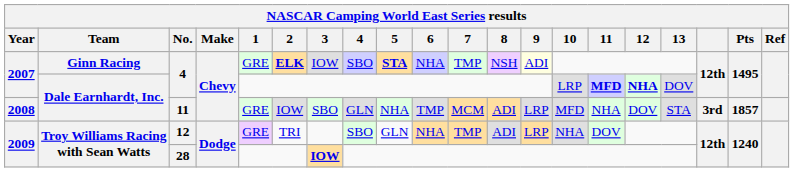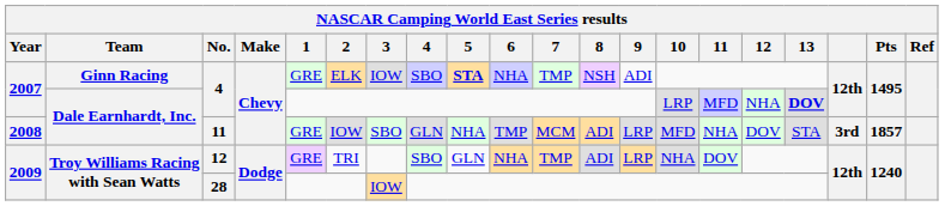 <table class="wikitable" style="text-align:center; font-size:75%">
 <tr>
 <th colspan=20><a href='#'>NASCAR Camping World East Series</a> results</th>
 </tr>
 <tr>
 <th>Year</th>
 <th>Team</th>
 <th>No.</th>
 <th>Make</th>
 <th>1</th>
 <th>2</th>
 <th>3</th>
 <th>4</th>
 <th>5</th>
 <th>6</th>
 <th>7</th>
 <th>8</th>
 <th>9</th>
 <th>10</th>
 <th>11</th>
 <th>12</th>
 <th>13</th>
 <th></th>
 <th>Pts</th>
 <th>Ref</th>
 </tr>
 <tr>
 <th rowspan=2><a href='#'>2007</a></th>
 <th><a href='#'>Ginn Racing</a></th>
 <th rowspan=2>4</th>
 <th rowspan=3><a href='#'>Chevy</a></th>
 <td style="background:#DFFFDF;"><a href='#'>GRE</a><br></td>
-<td style="background:#FFDF9F;"><strong><a href='#'>ELK</a><br></strong></td>
+<td style="background:#FFDF9F;"><a href='#'>ELK</a><br></td>
 <td style="background:#DFDFDF;"><a href='#'>IOW</a><br></td>
 <td style="background:#CFCFFF;"><a href='#'>SBO</a><br></td>
 <td style="background:#FFDF9F;"><strong><a href='#'>STA</a><br></strong></td>
 <td style="background:#CFCFFF;"><a href='#'>NHA</a><br></td>
 <td style="background:#DFFFDF;"><a href='#'>TMP</a><br></td>
 <td style="background:#EFCFFF;"><a href='#'>NSH</a><br></td>
-<td style="background: lightyellow;"><a href='#'>ADI</a></td>
+<td><a href='#'>ADI</a></td>
 <td colspan=4></td>
 <th rowspan=2>12th</th>
 <th rowspan=2>1495</th>
 <th rowspan=2></th>
 </tr>
 <tr>
 <th rowspan=2><a href='#'>Dale Earnhardt, Inc.</a></th>
 <td colspan=9></td>
 <td style="background:#DFDFDF;"><a href='#'>LRP</a><br></td>
-<td style="background:#CFCFFF;"><strong><a href='#'>MFD</a><br></strong></td>
-<td style="background:#DFFFDF;"><strong><a href='#'>NHA</a><br></strong></td>
-<td style="background:#DFDFDF;"><a href='#'>DOV</a><br></td>
+<td style="background:#CFCFFF;"><a href='#'>MFD</a><br></td>
+<td style="background:#DFFFDF;"><a href='#'>NHA</a><br></td>
+<td style="background:#DFDFDF;"><strong><a href='#'>DOV</a><br></strong></td>
 </tr>
 <tr>
 <th><a href='#'>2008</a></th>
 <th>11</th>
 <td style="background:#DFFFDF;"><a href='#'>GRE</a><br></td>
 <td style="background:#DFDFDF;"><a href='#'>IOW</a><br></td>
 <td style="background:#DFFFDF;"><a href='#'>SBO</a><br></td>
 <td style="background:#DFDFDF;"><a href='#'>GLN</a><br></td>
 <td style="background:#DFFFDF;"><a href='#'>NHA</a><br></td>
 <td style="background:#DFDFDF;"><a href='#'>TMP</a><br></td>
 <td style="background:#FFDF9F;"><a href='#'>MCM</a><br></td>
 <td style="background:#FFDF9F;"><a href='#'>ADI</a><br></td>
 <td style="background:#DFDFDF;"><a href='#'>LRP</a><br></td>
 <td style="background:#DFDFDF;"><a href='#'>MFD</a><br></td>
 <td style="background:#DFFFDF;"><a href='#'>NHA</a><br></td>
 <td style="background:#DFFFDF;"><a href='#'>DOV</a><br></td>
 <td style="background:#DFDFDF;"><a href='#'>STA</a><br></td>
 <th>3rd</th>
 <th>1857</th>
 <th></th>
 </tr>
 <tr>
 <th rowspan=2><a href='#'>2009</a></th>
 <th rowspan=2><a href='#'>Troy Williams Racing</a> <br> with Sean Watts</th>
 <th>12</th>
 <th rowspan=2><a href='#'>Dodge</a></th>
 <td style="background:#EFCFFF;"><a href='#'>GRE</a><br></td>
 <td><a href='#'>TRI</a></td>
 <td></td>
 <td style="background:#DFFFDF;"><a href='#'>SBO</a><br></td>
 <td><a href='#'>GLN</a></td>
 <td style="background:#FFDF9F;"><a href='#'>NHA</a><br></td>
 <td style="background:#FFDF9F;"><a href='#'>TMP</a><br></td>
 <td style="background:#DFDFDF;"><a href='#'>ADI</a><br></td>
 <td style="background:#FFDF9F;"><a href='#'>LRP</a><br></td>
 <td style="background:#DFDFDF;"><a href='#'>NHA</a><br></td>
 <td style="background:#DFFFDF;"><a href='#'>DOV</a><br></td>
 <td colspan=2></td>
 <th rowspan=2>12th</th>
 <th rowspan=2>1240</th>
 <th rowspan=2></th>
 </tr>
 <tr>
 <th>28</th>
 <td colspan=2></td>
-<td style="background:#FFDF9F;"><strong><a href='#'>IOW</a><br></strong></td>
+<td style="background:#FFDF9F;"><a href='#'>IOW</a><br></td>
 <td colspan=10></td>
 </tr>
 </table>
